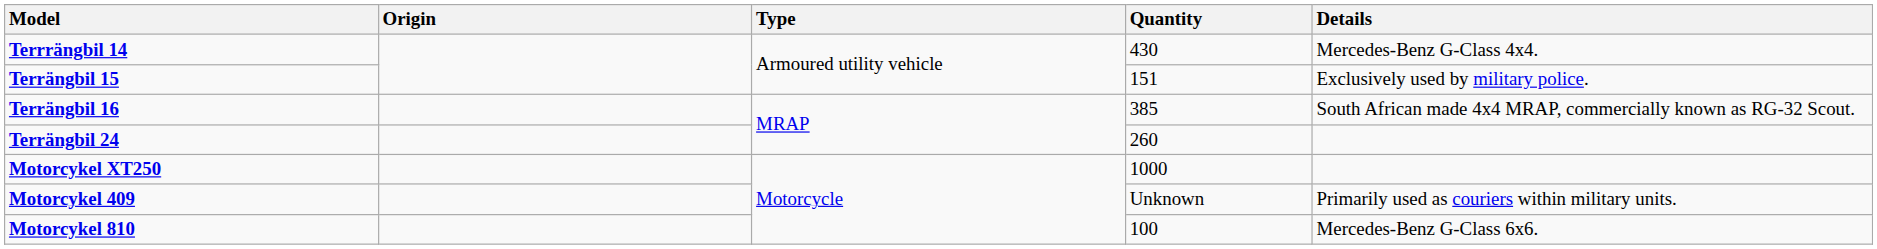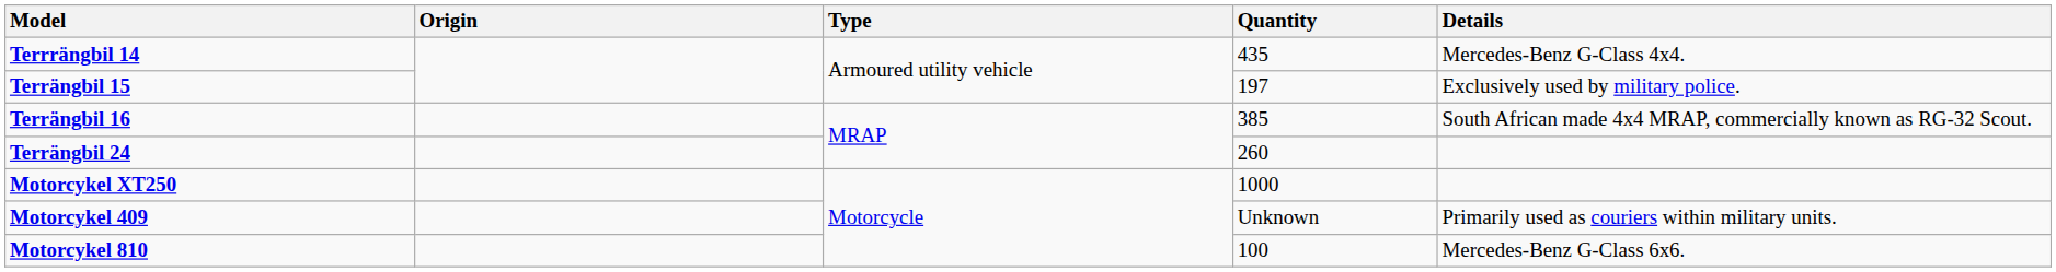 <table class="wikitable" style="width:100%;">
 <tr>
 <th style="text-align:left;width:20%;">Model</th>
 <th style="text-align:left;width:20%;">Origin</th>
 <th style="text-align:left;width:20%;">Type</th>
 <th style="text-align:left;width:10%;">Quantity</th>
 <th style="text-align:left;width:30%;">Details</th>
 </tr>
 <tr>
 <td><strong><a href='#'>Terrräng­bil 14</a></strong></td>
 <td rowspan="2"></td>
 <td rowspan="2">Armoured utility vehicle</td>
-<td>430</td>
+<td>435</td>
 <td>Mercedes-Benz G-Class 4x4.</td>
 </tr>
 <tr>
 <td><strong><a href='#'>Terräng­bil 15</a></strong></td>
-<td>151</td>
+<td>197</td>
 <td>Exclusively used by <a href='#'>military police</a>.</td>
 </tr>
 <tr>
 <td><strong><a href='#'>Terräng­bil 16</a></strong></td>
 <td></td>
 <td rowspan="2"><a href='#'>MRAP</a></td>
 <td>385</td>
 <td>South African made 4x4 MRAP, commercially known as RG-32 Scout.</td>
 </tr>
 <tr>
 <td><strong><a href='#'>Terräng­bil 24</a></strong></td>
 <td></td>
 <td>260</td>
 <td></td>
 </tr>
 <tr>
 <td><strong><a href='#'>Motorcykel XT250</a></strong></td>
 <td></td>
 <td rowspan="3"><a href='#'>Motorcycle</a></td>
 <td>1000</td>
 <td></td>
 </tr>
 <tr>
 <td><strong><a href='#'>Motor­cykel 409</a></strong></td>
 <td></td>
 <td>Unknown</td>
 <td>Primarily used as <a href='#'>couriers</a> within military units.</td>
 </tr>
 <tr>
 <td><a href='#'><strong>Motor­cykel 810</strong></a></td>
 <td></td>
 <td>100</td>
 <td>Mercedes-Benz G-Class 6x6.</td>
 </tr>
 </table>
